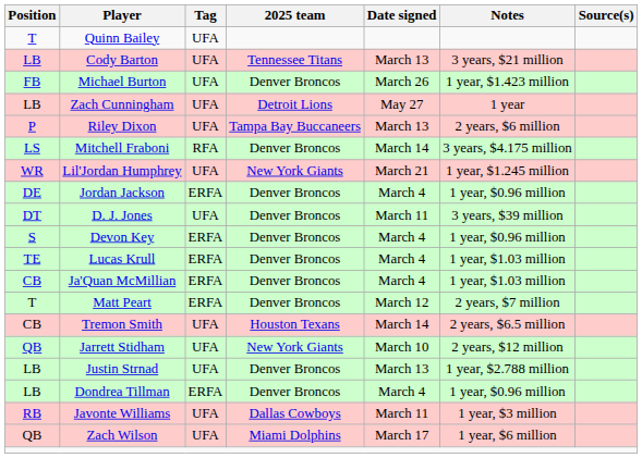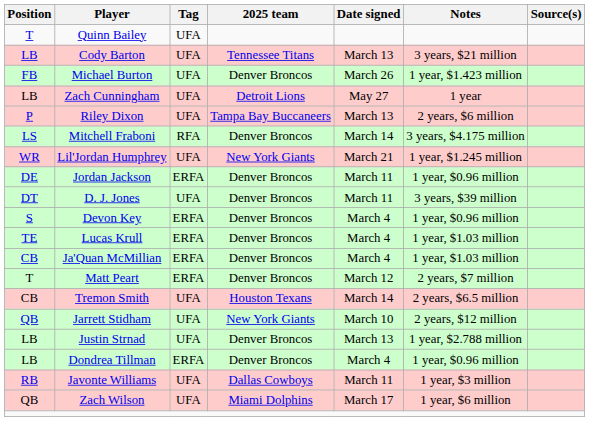 <table class="wikitable" style="text-align:center">
 <tr>
 <th>Position</th>
 <th>Player</th>
 <th>Tag</th>
 <th>2025 team</th>
 <th>Date signed</th>
 <th>Notes</th>
 <th>Source(s)</th>
 </tr>
 <tr style="background:#">
 <td><a href='#'>T</a></td>
 <td><a href='#'>Quinn Bailey</a></td>
 <td>UFA</td>
 <td></td>
 <td></td>
 <td></td>
 <td></td>
 </tr>
 <tr style="background:#fcc">
 <td><a href='#'>LB</a></td>
 <td><a href='#'>Cody Barton</a></td>
 <td>UFA</td>
 <td><a href='#'>Tennessee Titans</a></td>
 <td>March 13</td>
 <td>3 years, $21 million</td>
 <td></td>
 </tr>
 <tr style="background:#cfc">
 <td><a href='#'>FB</a></td>
 <td><a href='#'>Michael Burton</a></td>
 <td>UFA</td>
 <td>Denver Broncos</td>
 <td>March 26</td>
 <td>1 year, $1.423 million</td>
 <td></td>
 </tr>
 <tr style="background:#fcc">
 <td>LB</td>
 <td><a href='#'>Zach Cunningham</a></td>
 <td>UFA</td>
 <td><a href='#'>Detroit Lions</a></td>
 <td>May 27</td>
 <td>1 year</td>
 <td></td>
 </tr>
 <tr style="background:#fcc">
 <td><a href='#'>P</a></td>
 <td><a href='#'>Riley Dixon</a></td>
 <td>UFA</td>
 <td><a href='#'>Tampa Bay Buccaneers</a></td>
 <td>March 13</td>
 <td>2 years, $6 million</td>
 <td></td>
 </tr>
 <tr style="background:#cfc">
 <td><a href='#'>LS</a></td>
 <td><a href='#'>Mitchell Fraboni</a></td>
 <td>RFA</td>
 <td>Denver Broncos</td>
 <td>March 14</td>
 <td>3 years, $4.175 million</td>
 <td></td>
 </tr>
 <tr style="background:#fcc">
 <td><a href='#'>WR</a></td>
 <td><a href='#'>Lil'Jordan Humphrey</a></td>
 <td>UFA</td>
 <td><a href='#'>New York Giants</a></td>
 <td>March 21</td>
 <td>1 year, $1.245 million</td>
 <td></td>
 </tr>
 <tr style="background:#cfc">
 <td><a href='#'>DE</a></td>
 <td><a href='#'>Jordan Jackson</a></td>
 <td>ERFA</td>
 <td>Denver Broncos</td>
-<td>March 4</td>
+<td>March 11</td>
 <td>1 year, $0.96 million</td>
 <td></td>
 </tr>
 <tr style="background:#cfc">
 <td><a href='#'>DT</a></td>
 <td><a href='#'>D. J. Jones</a></td>
 <td>UFA</td>
 <td>Denver Broncos</td>
 <td>March 11</td>
 <td>3 years, $39 million</td>
 <td></td>
 </tr>
 <tr style="background:#cfc">
 <td><a href='#'>S</a></td>
 <td><a href='#'>Devon Key</a></td>
 <td>ERFA</td>
 <td>Denver Broncos</td>
 <td>March 4</td>
 <td>1 year, $0.96 million</td>
 <td></td>
 </tr>
 <tr style="background:#cfc">
 <td><a href='#'>TE</a></td>
 <td><a href='#'>Lucas Krull</a></td>
 <td>ERFA</td>
 <td>Denver Broncos</td>
 <td>March 4</td>
 <td>1 year, $1.03 million</td>
 <td></td>
 </tr>
 <tr style="background:#cfc">
 <td><a href='#'>CB</a></td>
 <td><a href='#'>Ja'Quan McMillian</a></td>
 <td>ERFA</td>
 <td>Denver Broncos</td>
 <td>March 4</td>
 <td>1 year, $1.03 million</td>
 <td></td>
 </tr>
 <tr style="background:#cfc">
 <td>T</td>
 <td><a href='#'>Matt Peart</a></td>
 <td>ERFA</td>
 <td>Denver Broncos</td>
 <td>March 12</td>
 <td>2 years, $7 million</td>
 <td></td>
 </tr>
 <tr style="background:#fcc">
 <td>CB</td>
 <td><a href='#'>Tremon Smith</a></td>
 <td>UFA</td>
 <td><a href='#'>Houston Texans</a></td>
 <td>March 14</td>
 <td>2 years, $6.5 million</td>
 <td></td>
 </tr>
 <tr style="background:#cfc">
 <td><a href='#'>QB</a></td>
 <td><a href='#'>Jarrett Stidham</a></td>
 <td>UFA</td>
 <td><a href='#'>New York Giants</a></td>
 <td>March 10</td>
 <td>2 years, $12 million</td>
 <td></td>
 </tr>
 <tr style="background:#cfc">
 <td>LB</td>
 <td><a href='#'>Justin Strnad</a></td>
 <td>UFA</td>
 <td>Denver Broncos</td>
 <td>March 13</td>
 <td>1 year, $2.788 million</td>
 <td></td>
 </tr>
 <tr style="background:#cfc">
 <td>LB</td>
 <td><a href='#'>Dondrea Tillman</a></td>
 <td>ERFA</td>
 <td>Denver Broncos</td>
 <td>March 4</td>
 <td>1 year, $0.96 million</td>
 <td></td>
 </tr>
 <tr style="background:#fcc">
 <td><a href='#'>RB</a></td>
 <td><a href='#'>Javonte Williams</a></td>
 <td>UFA</td>
 <td><a href='#'>Dallas Cowboys</a></td>
 <td>March 11</td>
 <td>1 year, $3 million</td>
 <td></td>
 </tr>
 <tr style="background:#fcc">
 <td>QB</td>
 <td><a href='#'>Zach Wilson</a></td>
 <td>UFA</td>
 <td><a href='#'>Miami Dolphins</a></td>
 <td>March 17</td>
 <td>1 year, $6 million</td>
 <td></td>
 </tr>
 <tr>
 <td colspan=7></td>
 </tr>
 </table>
